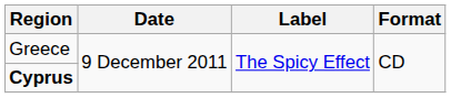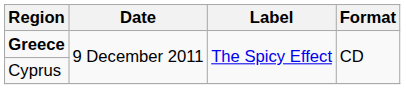 <table class="sortable wikitable">
 <tr>
 <th>Region</th>
 <th>Date</th>
 <th>Label</th>
 <th>Format</th>
 </tr>
 <tr>
-<td>Greece</td>
+<td><strong>Greece</strong></td>
 <td rowspan="2">9 December 2011</td>
 <td rowspan="2"><a href='#'>The Spicy Effect</a></td>
 <td rowspan="2">CD</td>
 </tr>
 <tr>
-<td><strong>Cyprus</strong></td>
+<td>Cyprus</td>
 </tr>
 <tr>
 </tr>
 </table>
